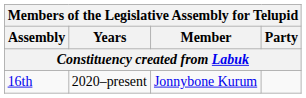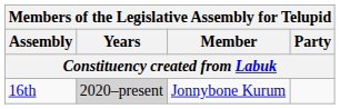 <table class=wikitable>
 <tr>
 <th colspan="4">Members of the Legislative Assembly for Telupid</th>
 </tr>
 <tr>
 <th>Assembly</th>
 <th>Years</th>
 <th>Member</th>
 <th>Party</th>
 </tr>
 <tr>
 <th colspan=4 align=center><em>Constituency created from <a href='#'>Labuk</a></em></th>
 </tr>
 <tr>
 <td><a href='#'>16th</a></td>
-<td>2020–present</td>
+<td style="background: lightgrey;">2020–present</td>
 <td><a href='#'>Jonnybone Kurum</a></td>
 <td></td>
 </tr>
 </table>
